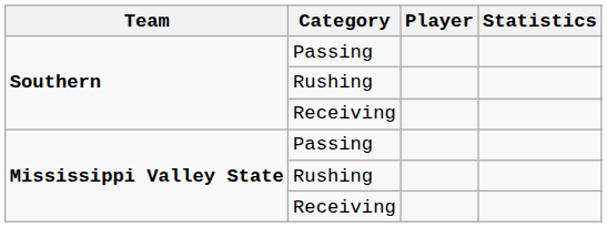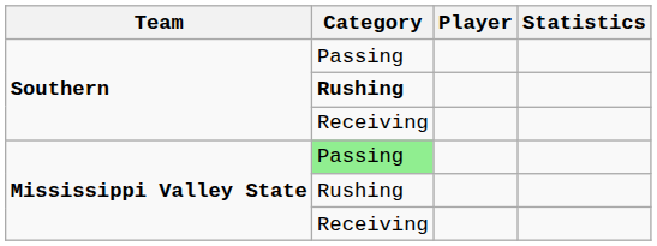 <table class="wikitable" style="float: left;">
 <tr>
 <th>Team</th>
 <th>Category</th>
 <th>Player</th>
 <th>Statistics</th>
 </tr>
 <tr>
 <td rowspan=3><strong>Southern</strong></td>
 <td>Passing</td>
 <td> </td>
 <td> </td>
 </tr>
 <tr>
-<td>Rushing</td>
+<td><strong>Rushing</strong></td>
 <td> </td>
 <td> </td>
 </tr>
 <tr>
 <td>Receiving</td>
 <td> </td>
 <td> </td>
 </tr>
 <tr>
 <td rowspan=3><strong>Mississippi Valley State</strong></td>
-<td>Passing</td>
+<td style="background: lightgreen;">Passing</td>
 <td> </td>
 <td> </td>
 </tr>
 <tr>
 <td>Rushing</td>
 <td> </td>
 <td> </td>
 </tr>
 <tr>
 <td>Receiving</td>
 <td> </td>
 <td> </td>
 </tr>
 </table>
